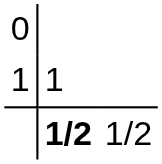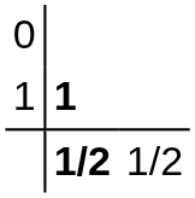 <table cellpadding=3px cellspacing=0px>
 <tr>
 <td width="20px"></td>
 <td style="border-right:1px solid;">0</td>
 </tr>
 <tr>
 <td></td>
 <td style="border-right:1px solid; border-bottom:1px solid;">1</td>
-<td style="border-bottom:1px solid;">1</td>
+<td style="border-bottom:1px solid;"><strong>1</strong></td>
 <td style="border-bottom:1px solid;"></td>
 </tr>
 <tr>
 <td></td>
 <td style="border-right:1px solid;"></td>
 <td><strong>1/2</strong></td>
 <td>1/2</td>
 </tr>
 </table>
